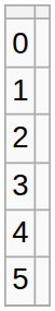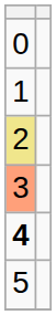 <table class="wikitable" style="text-align: right;">
 <tr>
 <th></th>
 <th></th>
 </tr>
 <tr>
 <td>0</td>
 <td></td>
 </tr>
 <tr>
 <td>1</td>
 <td></td>
 </tr>
 <tr>
-<td>2</td>
+<td style="background: khaki;">2</td>
 <td></td>
 </tr>
 <tr>
-<td>3</td>
+<td style="background: lightsalmon;">3</td>
 <td></td>
 </tr>
 <tr>
-<td>4</td>
+<td><strong>4</strong></td>
 <td></td>
 </tr>
 <tr>
 <td>5</td>
 <td></td>
 </tr>
 <tr>
 </tr>
 </table>
